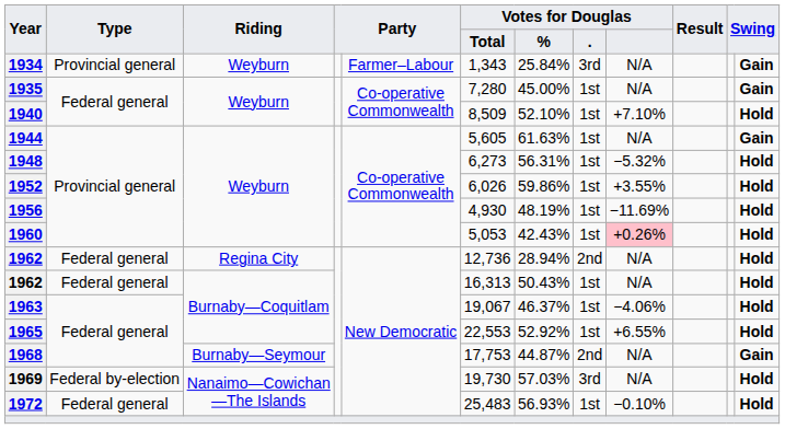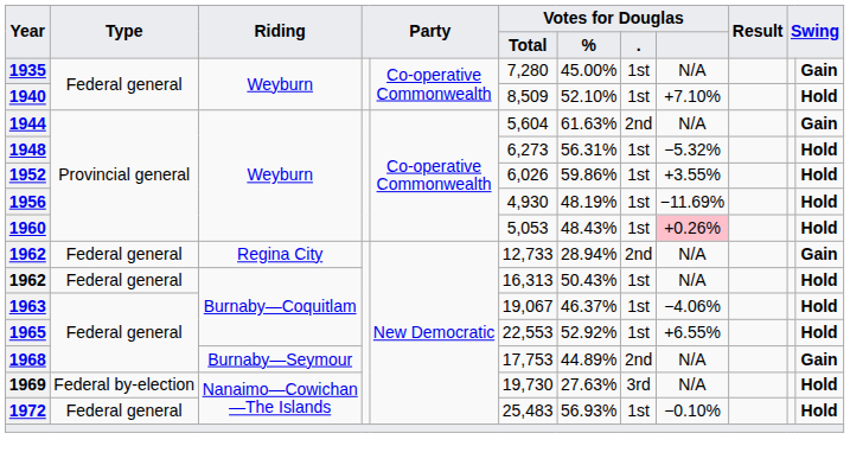 <table class="wikitable" style="font-size:90%; text-align:center;">
 <tr>
 <th rowspan="2" style="background:#eaecf0;">Year</th>
 <th rowspan="2" style="background:#eaecf0;">Type</th>
 <th rowspan="2" style="background:#eaecf0;">Riding</th>
 <th colspan="2" rowspan="2" style="background:#eaecf0;">Party</th>
 <th colspan="4" style="background:#eaecf0;">Votes for Douglas</th>
 <th rowspan="2" style="background:#eaecf0;">Result</th>
 <th colspan="2" rowspan="2" style="background:#eaecf0;"><a href='#'>Swing</a></th>
 </tr>
 <tr>
 <th style="background:#eaecf0;">Total</th>
 <th style="background:#eaecf0;">%</th>
 <th style="background:#eaecf0;">.</th>
 <th style="background:#eaecf0;"></th>
-</tr>
-<tr>
-<th><a href='#'>1934</a></th>
-<td>Provincial general</td>
-<td><a href='#'>Weyburn</a></td>
-<td style="background-color:"></td>
-<td><a href='#'>Farmer–Labour</a></td>
-<td>1,343</td>
-<td>25.84%</td>
-<td>3rd</td>
-<td>N/A</td>
-<td></td>
-<td style="background-color:"></td>
-<td><strong>Gain</strong></td>
 </tr>
 <tr>
 <th style="background:#eaecf0;"><a href='#'>1935</a></th>
 <td rowspan="2">Federal general</td>
 <td rowspan="2"><a href='#'>Weyburn</a></td>
 <td rowspan="2" style="background-color:"></td>
 <td rowspan="2"><a href='#'>Co-operative<br>Commonwealth</a></td>
 <td>7,280</td>
 <td>45.00%</td>
 <td>1st</td>
 <td>N/A</td>
 <td></td>
 <td style="background-color:"></td>
 <td><strong>Gain</strong></td>
 </tr>
 <tr>
 <th><a href='#'>1940</a></th>
 <td>8,509</td>
 <td>52.10%</td>
 <td>1st</td>
 <td>+7.10%</td>
 <td></td>
 <td style="background-color:"></td>
 <td><strong>Hold</strong></td>
 </tr>
 <tr>
 <th><a href='#'>1944</a></th>
 <td rowspan="5">Provincial general</td>
 <td rowspan="5"><a href='#'>Weyburn</a></td>
 <td rowspan="5" style="background-color:"></td>
 <td rowspan="5"><a href='#'>Co-operative<br>Commonwealth</a></td>
-<td>5,605</td>
+<td>5,604</td>
 <td>61.63%</td>
-<td>1st</td>
+<td>2nd</td>
 <td>N/A</td>
 <td></td>
 <td style="background-color:"></td>
 <td><strong>Gain</strong></td>
 </tr>
 <tr>
 <th><a href='#'>1948</a></th>
 <td>6,273</td>
 <td>56.31%</td>
 <td>1st</td>
 <td>−5.32%</td>
 <td></td>
 <td style="background-color:"></td>
 <td><strong>Hold</strong></td>
 </tr>
 <tr>
 <th><a href='#'>1952</a></th>
 <td>6,026</td>
 <td>59.86%</td>
 <td>1st</td>
 <td>+3.55%</td>
 <td></td>
 <td style="background-color:"></td>
 <td><strong>Hold</strong></td>
 </tr>
 <tr>
 <th><a href='#'>1956</a></th>
 <td>4,930</td>
 <td>48.19%</td>
 <td>1st</td>
 <td>−11.69%</td>
 <td></td>
 <td style="background-color:"></td>
 <td><strong>Hold</strong></td>
 </tr>
 <tr>
 <th><a href='#'>1960</a></th>
 <td>5,053</td>
-<td>42.43%</td>
+<td>48.43%</td>
 <td>1st</td>
 <td style="background: pink;">+0.26%</td>
 <td></td>
 <td style="background-color:"></td>
 <td><strong>Hold</strong></td>
 </tr>
 <tr>
 <th><a href='#'>1962</a></th>
 <td>Federal general</td>
 <td><a href='#'>Regina City</a></td>
 <td rowspan="7" style="background-color:"></td>
 <td rowspan="7"><a href='#'>New Democratic</a></td>
-<td>12,736</td>
+<td>12,733</td>
 <td>28.94%</td>
 <td>2nd</td>
 <td>N/A</td>
 <td></td>
 <td style="background-color:"></td>
-<td><strong>Hold</strong></td>
+<td><strong>Gain</strong></td>
 </tr>
 <tr>
 <th>1962</th>
 <td>Federal general</td>
 <td rowspan="3"><a href='#'>Burnaby—Coquitlam</a></td>
 <td>16,313</td>
 <td>50.43%</td>
 <td>1st</td>
 <td>N/A</td>
 <td></td>
 <td style="background-color:"></td>
 <td><strong>Hold</strong></td>
 </tr>
 <tr>
 <th><a href='#'>1963</a></th>
 <td rowspan="3">Federal general</td>
 <td>19,067</td>
 <td>46.37%</td>
 <td>1st</td>
 <td>−4.06%</td>
 <td></td>
 <td style="background-color:"></td>
 <td><strong>Hold</strong></td>
 </tr>
 <tr>
 <th><a href='#'>1965</a></th>
 <td>22,553</td>
 <td>52.92%</td>
 <td>1st</td>
 <td>+6.55%</td>
 <td></td>
 <td style="background-color:"></td>
 <td><strong>Hold</strong></td>
 </tr>
 <tr>
 <th><a href='#'>1968</a></th>
 <td><a href='#'>Burnaby—Seymour</a></td>
 <td>17,753</td>
-<td>44.87%</td>
+<td>44.89%</td>
 <td>2nd</td>
 <td>N/A</td>
 <td></td>
 <td style="background-color:"></td>
 <td><strong>Gain</strong></td>
 </tr>
 <tr>
 <th>1969</th>
 <td>Federal by-election</td>
 <td rowspan="2"><a href='#'>Nanaimo—Cowichan<br>—The Islands</a></td>
 <td>19,730</td>
-<td>57.03%</td>
+<td>27.63%</td>
 <td>3rd</td>
 <td>N/A</td>
 <td></td>
 <td style="background-color:"></td>
 <td><strong>Hold</strong></td>
 </tr>
 <tr>
 <th><a href='#'>1972</a></th>
 <td>Federal general</td>
 <td>25,483</td>
 <td>56.93%</td>
 <td>1st</td>
 <td>−0.10%</td>
 <td></td>
 <td style="background-color:"></td>
 <td><strong>Hold</strong></td>
 </tr>
 <tr>
 <th colspan="12" style="background:#eaecf0;"></th>
 </tr>
 </table>
